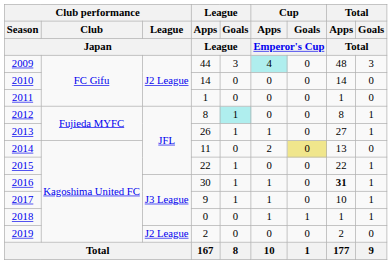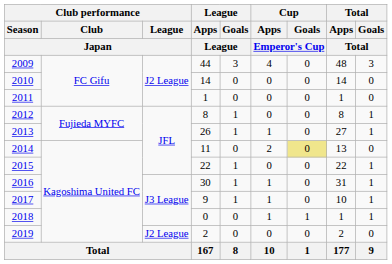 <table class="wikitable" style="text-align:center;">
 <tr>
 <th colspan=3>Club performance</th>
 <th colspan=2>League</th>
 <th colspan=2>Cup</th>
 <th colspan=2>Total</th>
 </tr>
 <tr>
 <th>Season</th>
 <th>Club</th>
 <th>League</th>
 <th>Apps</th>
 <th>Goals</th>
 <th>Apps</th>
 <th>Goals</th>
 <th>Apps</th>
 <th>Goals</th>
 </tr>
 <tr>
 <th colspan=3>Japan</th>
 <th colspan=2>League</th>
 <th colspan=2><a href='#'>Emperor's Cup</a></th>
 <th colspan=2>Total</th>
 </tr>
 <tr>
 <td><a href='#'>2009</a></td>
 <td rowspan="3"><a href='#'>FC Gifu</a></td>
 <td rowspan="3"><a href='#'>J2 League</a></td>
 <td>44</td>
 <td>3</td>
-<td style="background: paleturquoise;">4</td>
+<td>4</td>
 <td>0</td>
 <td>48</td>
 <td>3</td>
 </tr>
 <tr>
 <td><a href='#'>2010</a></td>
 <td>14</td>
 <td>0</td>
 <td>0</td>
 <td>0</td>
 <td>14</td>
 <td>0</td>
 </tr>
 <tr>
 <td><a href='#'>2011</a></td>
 <td>1</td>
 <td>0</td>
 <td>0</td>
 <td>0</td>
 <td>1</td>
 <td>0</td>
 </tr>
 <tr>
 <td><a href='#'>2012</a></td>
 <td rowspan="2"><a href='#'>Fujieda MYFC</a></td>
 <td rowspan="4"><a href='#'>JFL</a></td>
 <td>8</td>
-<td style="background: paleturquoise;">1</td>
+<td>1</td>
 <td>0</td>
 <td>0</td>
 <td>8</td>
 <td>1</td>
 </tr>
 <tr>
 <td><a href='#'>2013</a></td>
 <td>26</td>
 <td>1</td>
 <td>1</td>
 <td>0</td>
 <td>27</td>
 <td>1</td>
 </tr>
 <tr>
 <td><a href='#'>2014</a></td>
 <td rowspan="6"><a href='#'>Kagoshima United FC</a></td>
 <td>11</td>
 <td>0</td>
 <td>2</td>
 <td style="background: khaki;">0</td>
 <td>13</td>
 <td>0</td>
 </tr>
 <tr>
 <td><a href='#'>2015</a></td>
 <td>22</td>
 <td>1</td>
 <td>0</td>
 <td>0</td>
 <td>22</td>
 <td>1</td>
 </tr>
 <tr>
 <td><a href='#'>2016</a></td>
 <td rowspan="3"><a href='#'>J3 League</a></td>
 <td>30</td>
 <td>1</td>
 <td>1</td>
 <td>0</td>
-<td><strong>31</strong></td>
+<td>31</td>
 <td>1</td>
 </tr>
 <tr>
 <td><a href='#'>2017</a></td>
 <td>9</td>
 <td>1</td>
 <td>1</td>
 <td>0</td>
 <td>10</td>
 <td>1</td>
 </tr>
 <tr>
 <td><a href='#'>2018</a></td>
 <td>0</td>
 <td>0</td>
 <td>1</td>
 <td>1</td>
 <td>1</td>
 <td>1</td>
 </tr>
 <tr>
 <td><a href='#'>2019</a></td>
 <td><a href='#'>J2 League</a></td>
 <td>2</td>
 <td>0</td>
 <td>0</td>
 <td>0</td>
 <td>2</td>
 <td>0</td>
 </tr>
 <tr>
 <th colspan=3>Total</th>
 <th>167</th>
 <th>8</th>
 <th>10</th>
 <th>1</th>
 <th>177</th>
 <th>9</th>
 </tr>
 </table>
